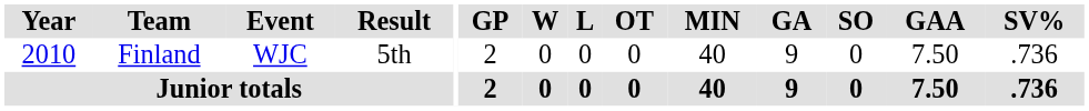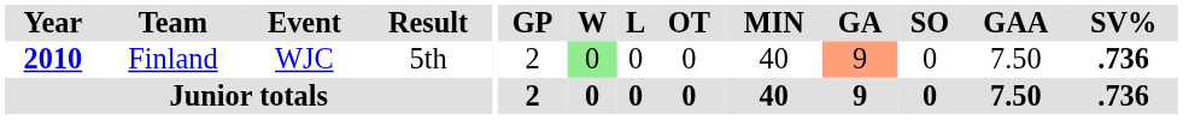 <table border="0" cellpadding="1" cellspacing="0" ID="Table3" style="text-align:center; width:40em">
 <tr ALIGN="center" bgcolor="#e0e0e0">
 <th>Year</th>
 <th>Team</th>
 <th>Event</th>
 <th>Result</th>
 <th rowspan="99" bgcolor="#ffffff"></th>
 <th>GP</th>
 <th>W</th>
 <th>L</th>
 <th>OT</th>
 <th>MIN</th>
 <th>GA</th>
 <th>SO</th>
 <th>GAA</th>
 <th>SV%</th>
 </tr>
 <tr ALIGN="center">
-<td><a href='#'>2010</a></td>
+<td><strong><a href='#'>2010</a></strong></td>
 <td><a href='#'>Finland</a></td>
 <td><a href='#'>WJC</a></td>
 <td>5th</td>
 <td>2</td>
-<td>0</td>
+<td style="background: lightgreen;">0</td>
 <td>0</td>
 <td>0</td>
 <td>40</td>
-<td>9</td>
+<td style="background: lightsalmon;">9</td>
 <td>0</td>
 <td>7.50</td>
-<td>.736</td>
+<td><strong>.736</strong></td>
 </tr>
 <tr ALIGN="center" bgcolor="#e0e0e0">
 <th colspan=4>Junior totals</th>
 <th>2</th>
 <th>0</th>
 <th>0</th>
 <th>0</th>
 <th>40</th>
 <th>9</th>
 <th>0</th>
 <th>7.50</th>
 <th>.736</th>
 </tr>
 </table>
